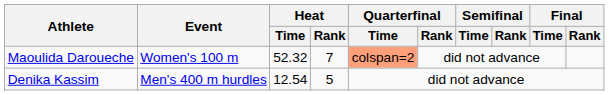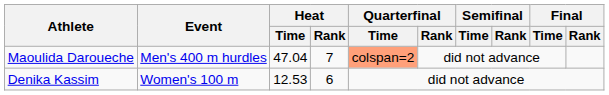 <table class=wikitable style="font-size:90%">
 <tr>
 <th rowspan="2">Athlete</th>
 <th rowspan="2">Event</th>
 <th colspan="2">Heat</th>
 <th colspan="2">Quarterfinal</th>
 <th colspan="2">Semifinal</th>
 <th colspan="2">Final</th>
 </tr>
 <tr style="font-size:95%">
 <th>Time</th>
 <th>Rank</th>
 <th>Time</th>
 <th>Rank</th>
 <th>Time</th>
 <th>Rank</th>
 <th>Time</th>
 <th>Rank</th>
 </tr>
 <tr align=center>
 <td align=left><a href='#'>Maoulida Daroueche</a></td>
-<td align=left><a href='#'>Women's 100 m</a></td>
-<td>52.32</td>
+<td align=left><a href='#'>Men's 400 m hurdles</a></td>
+<td>47.04</td>
 <td>7</td>
 <td style="background: lightsalmon;">colspan=2 </td>
 <td colspan=4>did not advance</td>
 </tr>
 <tr align=center>
 <td align=left><a href='#'>Denika Kassim</a></td>
-<td align=left><a href='#'>Men's 400 m hurdles</a></td>
-<td>12.54</td>
-<td>5</td>
+<td align=left><a href='#'>Women's 100 m</a></td>
+<td>12.53</td>
+<td>6</td>
 <td colspan=6>did not advance</td>
 </tr>
 </table>
